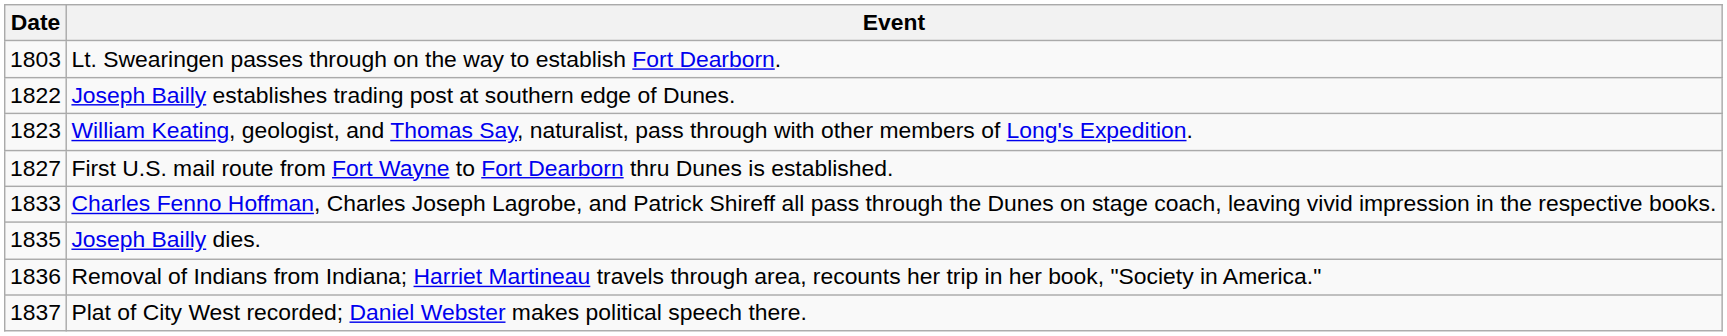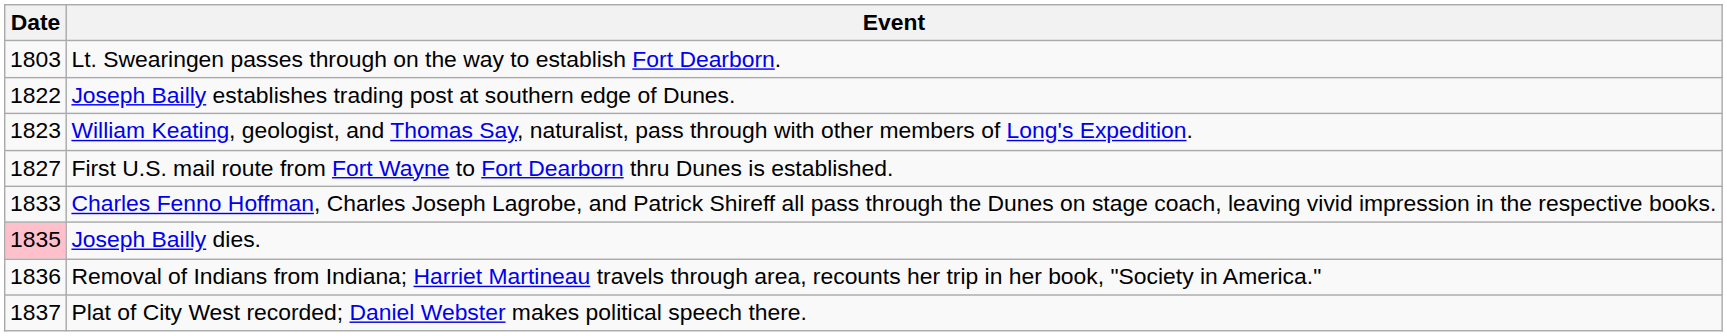 <table class="wikitable">
 <tr>
 <th>Date</th>
 <th>Event</th>
 </tr>
 <tr>
 <td>1803</td>
 <td>Lt. Swearingen passes through on the way to establish <a href='#'>Fort Dearborn</a>.</td>
 </tr>
 <tr>
 <td>1822</td>
 <td><a href='#'>Joseph Bailly</a> establishes trading post at southern edge of Dunes.</td>
 </tr>
 <tr>
 <td>1823</td>
 <td><a href='#'>William Keating</a>, geologist, and <a href='#'>Thomas Say</a>, naturalist, pass through with other members of <a href='#'>Long's Expedition</a>.</td>
 </tr>
 <tr>
 <td>1827</td>
 <td>First U.S. mail route from <a href='#'>Fort Wayne</a> to <a href='#'>Fort Dearborn</a> thru Dunes is established.</td>
 </tr>
 <tr>
 <td>1833</td>
 <td><a href='#'>Charles Fenno Hoffman</a>, Charles Joseph Lagrobe, and Patrick Shireff all pass through the Dunes on stage coach, leaving vivid impression in the respective books.</td>
 </tr>
 <tr>
-<td>1835</td>
+<td style="background: pink;">1835</td>
 <td><a href='#'>Joseph Bailly</a> dies.</td>
 </tr>
 <tr>
 <td>1836</td>
 <td>Removal of Indians from Indiana; <a href='#'>Harriet Martineau</a> travels through area, recounts her trip in her book, "Society in America."</td>
 </tr>
 <tr>
 <td>1837</td>
 <td>Plat of City West recorded; <a href='#'>Daniel Webster</a> makes political speech there.</td>
 </tr>
 </table>
